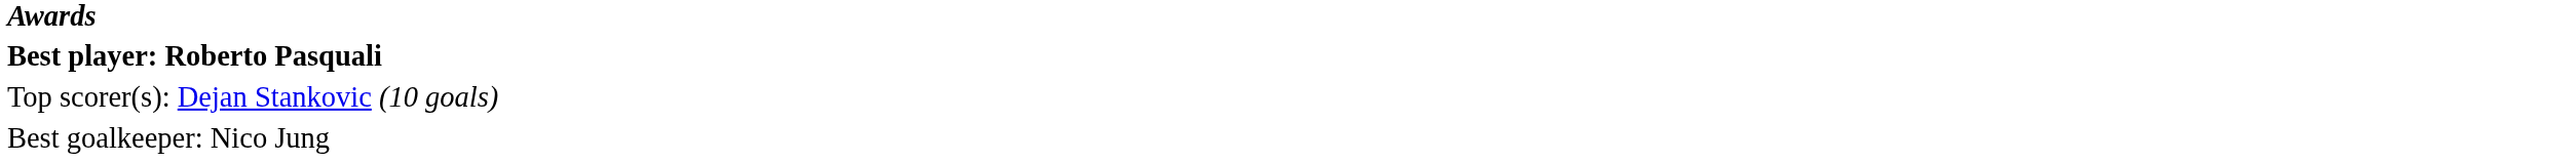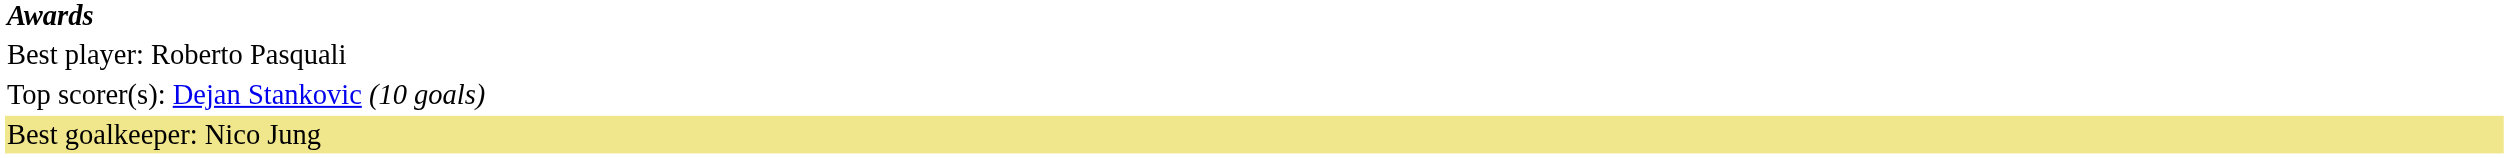 <table width=100% cellspacing=1 style="font-size: 90%;">
 <tr>
 <td><strong><em>Awards</em></strong></td>
 </tr>
 <tr>
-<td><strong>Best player:  Roberto Pasquali</strong></td>
+<td>Best player:  Roberto Pasquali</td>
 </tr>
 <tr>
 <td colspan=4>Top scorer(s):  <a href='#'>Dejan Stankovic</a> <em>(10 goals)</em></td>
 </tr>
 <tr>
-<td>Best goalkeeper:  Nico Jung</td>
+<td style="background: khaki;">Best goalkeeper:  Nico Jung</td>
 </tr>
 </table>
